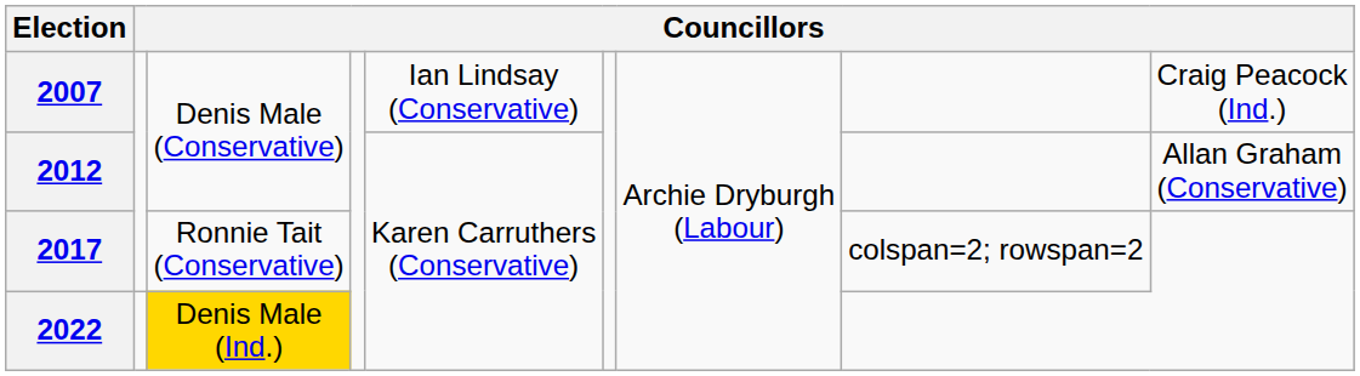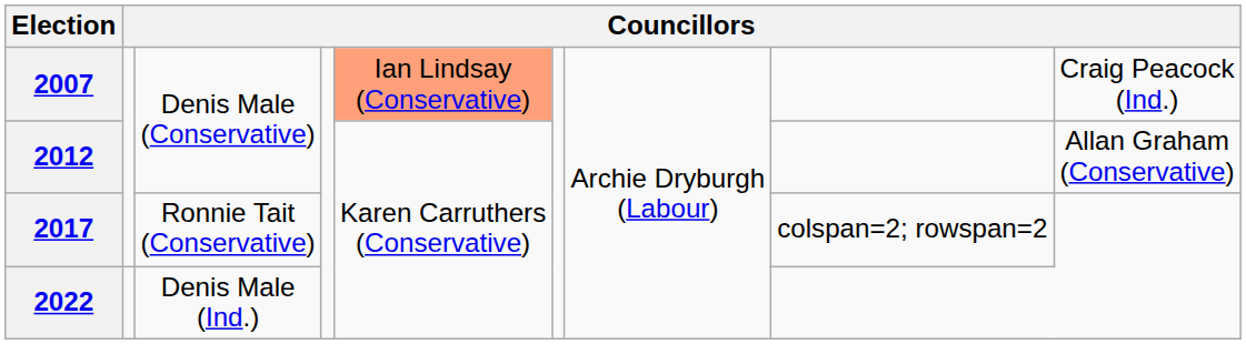 <table class="wikitable" style="text-align:center">
 <tr>
 <th>Election</th>
 <th colspan=8>Councillors</th>
 </tr>
 <tr>
 <th><a href='#'>2007</a></th>
 <td rowspan=3; style="background-color: "></td>
 <td rowspan=2>Denis Male<br>(<a href='#'>Conservative</a>)</td>
 <td rowspan=4; style="background-color: "></td>
-<td>Ian Lindsay<br>(<a href='#'>Conservative</a>)</td>
+<td style="background: lightsalmon;">Ian Lindsay<br>(<a href='#'>Conservative</a>)</td>
 <td rowspan=4; style="background-color: "></td>
 <td rowspan=4>Archie Dryburgh<br>(<a href='#'>Labour</a>)</td>
 <td style="background-color: "></td>
 <td>Craig Peacock<br>(<a href='#'>Ind</a>.)</td>
 </tr>
 <tr>
 <th><a href='#'>2012</a></th>
 <td rowspan=3>Karen Carruthers<br>(<a href='#'>Conservative</a>)</td>
 <td style="background-color: "></td>
 <td>Allan Graham<br>(<a href='#'>Conservative</a>)</td>
 </tr>
 <tr>
 <th><a href='#'>2017</a></th>
 <td>Ronnie Tait<br>(<a href='#'>Conservative</a>)</td>
 <td>colspan=2; rowspan=2 </td>
 </tr>
 <tr>
 <th><a href='#'>2022</a></th>
 <td style="background-color: "></td>
-<td style="background: gold;">Denis Male<br>(<a href='#'>Ind</a>.)</td>
+<td>Denis Male<br>(<a href='#'>Ind</a>.)</td>
 </tr>
 </table>
